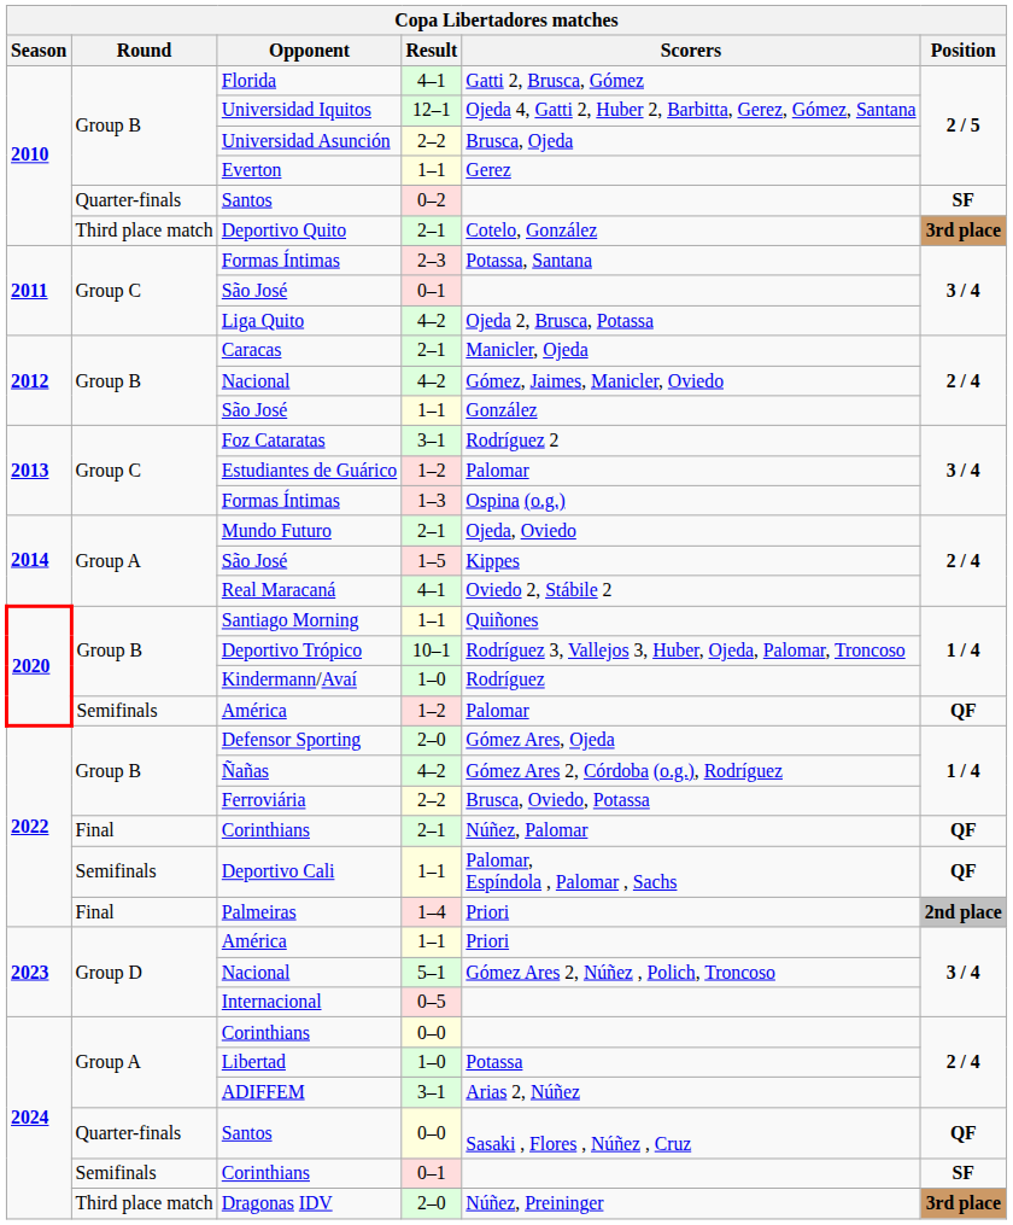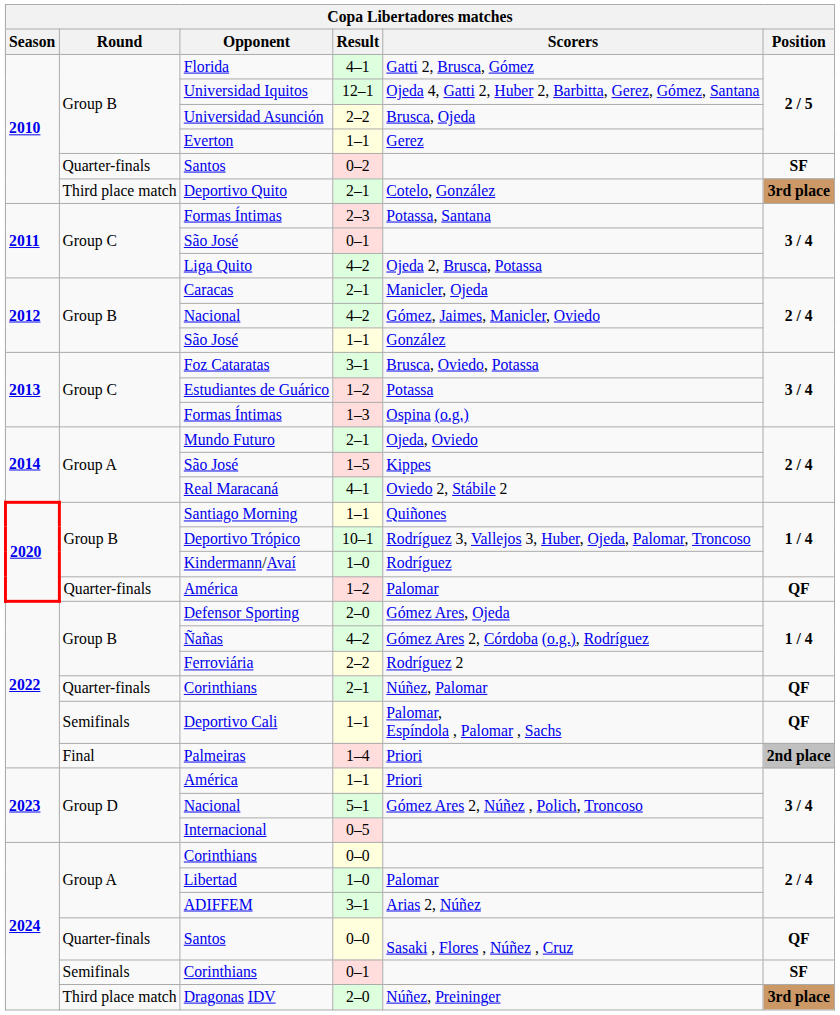 <table class="wikitable ">
 <tr>
 <th colspan="6">Copa Libertadores matches</th>
 </tr>
 <tr>
 <th>Season</th>
 <th>Round</th>
 <th>Opponent</th>
 <th>Result</th>
 <th>Scorers</th>
 <th>Position</th>
 </tr>
 <tr>
 <td rowspan=6><strong><a href='#'>2010</a></strong></td>
 <td rowspan=4>Group B</td>
 <td> <a href='#'>Florida</a></td>
 <td style="text-align:center; background:#dfd;">4–1</td>
 <td><a href='#'>Gatti</a> 2, <a href='#'>Brusca</a>, <a href='#'>Gómez</a></td>
 <td rowspan=4 style="text-align:center;"><strong>2 / 5</strong></td>
 </tr>
 <tr>
 <td> <a href='#'>Universidad Iquitos</a></td>
 <td style="text-align:center; background:#dfd;">12–1</td>
 <td><a href='#'>Ojeda</a> 4, <a href='#'>Gatti</a> 2, <a href='#'>Huber</a> 2, <a href='#'>Barbitta</a>, <a href='#'>Gerez</a>, <a href='#'>Gómez</a>, <a href='#'>Santana</a></td>
 </tr>
 <tr>
 <td> <a href='#'>Universidad Asunción</a></td>
 <td style="text-align:center; background:#ffd;">2–2</td>
 <td><a href='#'>Brusca</a>, <a href='#'>Ojeda</a></td>
 </tr>
 <tr>
 <td> <a href='#'>Everton</a></td>
 <td style="text-align:center; background:#ffd;">1–1</td>
 <td><a href='#'>Gerez</a></td>
 </tr>
 <tr>
 <td>Quarter-finals</td>
 <td> <a href='#'>Santos</a></td>
 <td style="text-align:center; background:#fdd;">0–2</td>
 <td></td>
 <td style="text-align:center;"><strong>SF</strong></td>
 </tr>
 <tr>
 <td>Third place match</td>
 <td> <a href='#'>Deportivo Quito</a></td>
 <td style="text-align:center; background:#dfd;">2–1</td>
 <td><a href='#'>Cotelo</a>, <a href='#'>González</a></td>
 <td style="text-align:center; background:#cc9966;"><strong>3rd place</strong></td>
 </tr>
 <tr>
 <td rowspan=3><strong><a href='#'>2011</a></strong></td>
 <td rowspan=3>Group C</td>
 <td> <a href='#'>Formas Íntimas</a></td>
 <td style="text-align:center; background:#fdd;">2–3</td>
 <td><a href='#'>Potassa</a>, <a href='#'>Santana</a></td>
 <td rowspan=3 style="text-align:center;"><strong>3 / 4</strong></td>
 </tr>
 <tr>
 <td> <a href='#'>São José</a></td>
 <td style="text-align:center; background:#fdd;">0–1</td>
 <td></td>
 </tr>
 <tr>
 <td> <a href='#'>Liga Quito</a></td>
 <td style="text-align:center; background:#dfd;">4–2</td>
 <td><a href='#'>Ojeda</a> 2, <a href='#'>Brusca</a>, <a href='#'>Potassa</a></td>
 </tr>
 <tr>
 <td rowspan=3><strong><a href='#'>2012</a></strong></td>
 <td rowspan=3>Group B</td>
 <td> <a href='#'>Caracas</a></td>
 <td style="text-align:center; background:#dfd;">2–1</td>
 <td><a href='#'>Manicler</a>, <a href='#'>Ojeda</a></td>
 <td rowspan=3 style="text-align:center;"><strong>2 / 4</strong></td>
 </tr>
 <tr>
 <td> <a href='#'>Nacional</a></td>
 <td style="text-align:center; background:#dfd;">4–2</td>
 <td><a href='#'>Gómez</a>, <a href='#'>Jaimes</a>, <a href='#'>Manicler</a>, <a href='#'>Oviedo</a></td>
 </tr>
 <tr>
 <td> <a href='#'>São José</a></td>
 <td style="text-align:center; background:#ffd;">1–1</td>
 <td><a href='#'>González</a></td>
 </tr>
 <tr>
 <td rowspan=3><strong><a href='#'>2013</a></strong></td>
 <td rowspan=3>Group C</td>
 <td> <a href='#'>Foz Cataratas</a></td>
 <td style="text-align:center; background:#dfd;">3–1</td>
-<td><a href='#'>Rodríguez</a> 2</td>
+<td><a href='#'>Brusca</a>, <a href='#'>Oviedo</a>, <a href='#'>Potassa</a></td>
 <td rowspan=3 style="text-align:center;"><strong>3 / 4</strong></td>
 </tr>
 <tr>
 <td> <a href='#'>Estudiantes de Guárico</a></td>
 <td style="text-align:center; background:#fdd;">1–2</td>
-<td><a href='#'>Palomar</a></td>
+<td><a href='#'>Potassa</a></td>
 </tr>
 <tr>
 <td> <a href='#'>Formas Íntimas</a></td>
 <td style="text-align:center; background:#fdd;">1–3</td>
 <td><a href='#'>Ospina</a> <a href='#'>(o.g.)</a></td>
 </tr>
 <tr>
 <td rowspan=3><strong><a href='#'>2014</a></strong></td>
 <td rowspan=3>Group A</td>
 <td> <a href='#'>Mundo Futuro</a></td>
 <td style="text-align:center; background:#dfd;">2–1</td>
 <td><a href='#'>Ojeda</a>, <a href='#'>Oviedo</a></td>
 <td rowspan=3 style="text-align:center;"><strong>2 / 4</strong></td>
 </tr>
 <tr>
 <td> <a href='#'>São José</a></td>
 <td style="text-align:center; background:#fdd;">1–5</td>
 <td><a href='#'>Kippes</a></td>
 </tr>
 <tr>
 <td> <a href='#'>Real Maracaná</a></td>
 <td style="text-align:center; background:#dfd;">4–1</td>
 <td><a href='#'>Oviedo</a> 2, <a href='#'>Stábile</a> 2</td>
 </tr>
 <tr>
 <td style="border: 3px solid red" rowspan=4><strong><a href='#'>2020</a></strong></td>
 <td rowspan=3>Group B</td>
 <td> <a href='#'>Santiago Morning</a></td>
 <td style="text-align:center; background:#ffd;">1–1</td>
 <td><a href='#'>Quiñones</a></td>
 <td rowspan=3 style="text-align:center;"><strong> 1 / 4</strong></td>
 </tr>
 <tr>
 <td> <a href='#'>Deportivo Trópico</a></td>
 <td style="text-align:center; background:#dfd;">10–1</td>
 <td><a href='#'>Rodríguez</a> 3, <a href='#'>Vallejos</a> 3, <a href='#'>Huber</a>, <a href='#'>Ojeda</a>, <a href='#'>Palomar</a>, <a href='#'>Troncoso</a></td>
 </tr>
 <tr>
 <td> <a href='#'>Kindermann</a>/<a href='#'>Avaí</a></td>
 <td style="text-align:center; background:#dfd;">1–0</td>
 <td><a href='#'>Rodríguez</a></td>
 </tr>
 <tr>
-<td>Semifinals</td>
+<td>Quarter-finals</td>
 <td> <a href='#'>América</a></td>
 <td style="text-align:center; background:#fdd;">1–2</td>
 <td><a href='#'>Palomar</a></td>
 <td style="text-align:center;"><strong>QF</strong></td>
 </tr>
 <tr>
 <td rowspan=6><strong><a href='#'>2022</a></strong></td>
 <td rowspan=3>Group B</td>
 <td> <a href='#'>Defensor Sporting</a></td>
 <td style="text-align:center; background:#dfd;">2–0</td>
 <td><a href='#'>Gómez Ares</a>, <a href='#'>Ojeda</a></td>
 <td rowspan=3 style="text-align:center;"><strong>1 / 4</strong></td>
 </tr>
 <tr>
 <td> <a href='#'>Ñañas</a></td>
 <td style="text-align:center; background:#dfd;">4–2</td>
 <td><a href='#'>Gómez Ares</a> 2, <a href='#'>Córdoba</a> <a href='#'>(o.g.)</a>, <a href='#'>Rodríguez</a></td>
 </tr>
 <tr>
 <td> <a href='#'>Ferroviária</a></td>
 <td style="text-align:center; background:#ffd;">2–2</td>
-<td><a href='#'>Brusca</a>, <a href='#'>Oviedo</a>, <a href='#'>Potassa</a></td>
+<td><a href='#'>Rodríguez</a> 2</td>
 </tr>
 <tr>
-<td>Final</td>
+<td>Quarter-finals</td>
 <td> <a href='#'>Corinthians</a></td>
 <td style="text-align:center; background:#dfd;">2–1</td>
 <td><a href='#'>Núñez</a>, <a href='#'>Palomar</a></td>
 <td style="text-align:center;"><strong>QF</strong></td>
 </tr>
 <tr>
 <td>Semifinals</td>
 <td> <a href='#'>Deportivo Cali</a></td>
 <td style="text-align:center; background:#ffd;">1–1<br><small></small></td>
 <td><a href='#'>Palomar</a>,<br> <a href='#'>Espíndola</a> <a href='#'></a>, <a href='#'>Palomar</a> , <a href='#'>Sachs</a> </td>
 <td style="text-align:center;"><strong>QF</strong></td>
 </tr>
 <tr>
 <td>Final</td>
 <td> <a href='#'>Palmeiras</a></td>
 <td style="text-align:center; background:#fdd;">1–4</td>
 <td><a href='#'>Priori</a></td>
 <td style="text-align:center; background:silver"><strong>2nd place</strong></td>
 </tr>
 <tr>
 <td rowspan=3><strong><a href='#'>2023</a></strong></td>
 <td rowspan=3>Group D</td>
 <td> <a href='#'>América</a></td>
 <td style="text-align:center; background:#ffd;">1–1</td>
 <td><a href='#'>Priori</a></td>
 <td rowspan=3 style="text-align:center;"><strong>3 / 4</strong></td>
 </tr>
 <tr>
 <td> <a href='#'>Nacional</a></td>
 <td style="text-align:center; background:#dfd;">5–1</td>
 <td><a href='#'>Gómez Ares</a> 2, <a href='#'>Núñez</a> <a href='#'></a>, <a href='#'>Polich</a>, <a href='#'>Troncoso</a></td>
 </tr>
 <tr>
 <td> <a href='#'>Internacional</a></td>
 <td style="text-align:center; background:#fdd;">0–5</td>
 <td></td>
 </tr>
 <tr>
 <td rowspan=6><strong><a href='#'>2024</a></strong></td>
 <td rowspan=3>Group A</td>
 <td> <a href='#'>Corinthians</a></td>
 <td style="text-align:center; background:#ffd;">0–0</td>
 <td></td>
 <td rowspan=3 style="text-align:center;"><strong>2 / 4</strong></td>
 </tr>
 <tr>
 <td> <a href='#'>Libertad</a></td>
 <td style="text-align:center; background:#dfd;">1–0</td>
-<td><a href='#'>Potassa</a></td>
+<td><a href='#'>Palomar</a></td>
 </tr>
 <tr>
 <td> <a href='#'>ADIFFEM</a></td>
 <td style="text-align:center; background:#dfd;">3–1</td>
 <td><a href='#'>Arias</a> 2, <a href='#'>Núñez</a></td>
 </tr>
 <tr>
 <td>Quarter-finals</td>
 <td> <a href='#'>Santos</a></td>
 <td style="text-align:center; background:#ffd;">0–0 <br> <small></small></td>
 <td><br> <a href='#'>Sasaki</a> <a href='#'></a>,  <a href='#'>Flores</a> <a href='#'></a>, <a href='#'>Núñez</a> <a href='#'></a>, <a href='#'>Cruz</a> <a href='#'></a></td>
 <td style="text-align:center;"><strong>QF</strong></td>
 </tr>
 <tr>
 <td>Semifinals</td>
 <td> <a href='#'>Corinthians</a></td>
 <td style="text-align:center; background:#fdd;">0–1</td>
 <td></td>
 <td style="text-align:center;"><strong>SF</strong></td>
 </tr>
 <tr>
 <td>Third place match</td>
 <td> <a href='#'>Dragonas</a> <a href='#'>IDV</a></td>
 <td style="text-align:center; background:#dfd;">2–0</td>
 <td><a href='#'>Núñez</a>, <a href='#'>Preininger</a></td>
 <td style="text-align:center; background:#cc9966;"><strong>3rd place</strong></td>
 </tr>
 </table>
